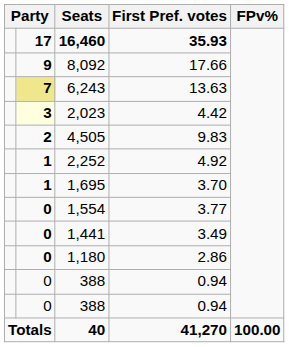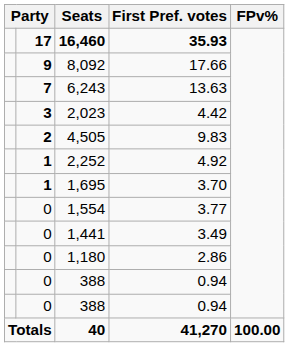 <table class=wikitable>
 <tr>
 <th colspan=2 align=center>Party</th>
 <th valign=top>Seats</th>
 <th valign=top>First Pref. votes</th>
 <th valign=top>FPv%</th>
 </tr>
 <tr>
 <td></td>
 <td align=right><strong>17</strong></td>
 <td align=right><strong>16,460</strong></td>
 <td align=right><strong>35.93</strong></td>
 </tr>
 <tr>
 <td></td>
 <td align=right><strong>9</strong></td>
 <td align=right>8,092</td>
 <td align=right>17.66</td>
 </tr>
 <tr>
 <td></td>
-<td align=right style="background: khaki;"><strong>7</strong></td>
+<td align=right><strong>7</strong></td>
 <td align=right>6,243</td>
 <td align=right>13.63</td>
 </tr>
 <tr>
 <td></td>
-<td align=right style="background: lightyellow;"><strong>3</strong></td>
+<td align=right><strong>3</strong></td>
 <td align=right>2,023</td>
 <td align=right>4.42</td>
 </tr>
 <tr>
 <td></td>
 <td align=right><strong>2</strong></td>
 <td align=right>4,505</td>
 <td align=right>9.83</td>
 </tr>
 <tr>
 <td></td>
 <td align=right><strong>1</strong></td>
 <td align=right>2,252</td>
 <td align=right>4.92</td>
 </tr>
 <tr>
 <td></td>
 <td align=right><strong>1</strong></td>
 <td align=right>1,695</td>
 <td align=right>3.70</td>
 </tr>
 <tr>
 <td></td>
-<td align=right><strong>0</strong></td>
+<td align=right>0</td>
 <td align=right>1,554</td>
 <td align=right>3.77</td>
 </tr>
 <tr>
 <td></td>
-<td align=right><strong>0</strong></td>
+<td align=right>0</td>
 <td align=right>1,441</td>
 <td align=right>3.49</td>
 </tr>
 <tr>
 <td></td>
-<td align=right><strong>0</strong></td>
+<td align=right>0</td>
 <td align=right>1,180</td>
 <td align=right>2.86</td>
 </tr>
 <tr>
 <td></td>
 <td align=right>0</td>
 <td align=right>388</td>
 <td align=right>0.94</td>
 </tr>
 <tr>
 <td></td>
 <td align=right>0</td>
 <td align=right>388</td>
 <td align=right>0.94</td>
 </tr>
 <tr>
 <td colspan=2 align=center><strong>Totals</strong></td>
 <td align=right><strong>40</strong></td>
 <td align="right"><strong>41,270</strong></td>
 <td align=center><strong>100.00</strong></td>
 </tr>
 </table>
